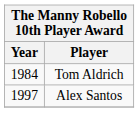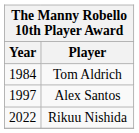 <table class="wikitable" style="display: inline-table; margin-right: 20px; text-align:center">
 <tr>
 <th scope="col" colspan="2" style="width: 145px;">The Manny Robello 10th Player Award</th>
 </tr>
 <tr>
 <th scope="col">Year</th>
 <th scope="col">Player</th>
 </tr>
 <tr>
 <td>1984</td>
 <td>Tom Aldrich</td>
 </tr>
 <tr>
 <td>1997</td>
 <td>Alex Santos</td>
 </tr>
 <tr>
+<td>2022</td>
+<td>Rikuu Nishida</td>
+</tr>
+<tr>
 </tr>
 </table>
